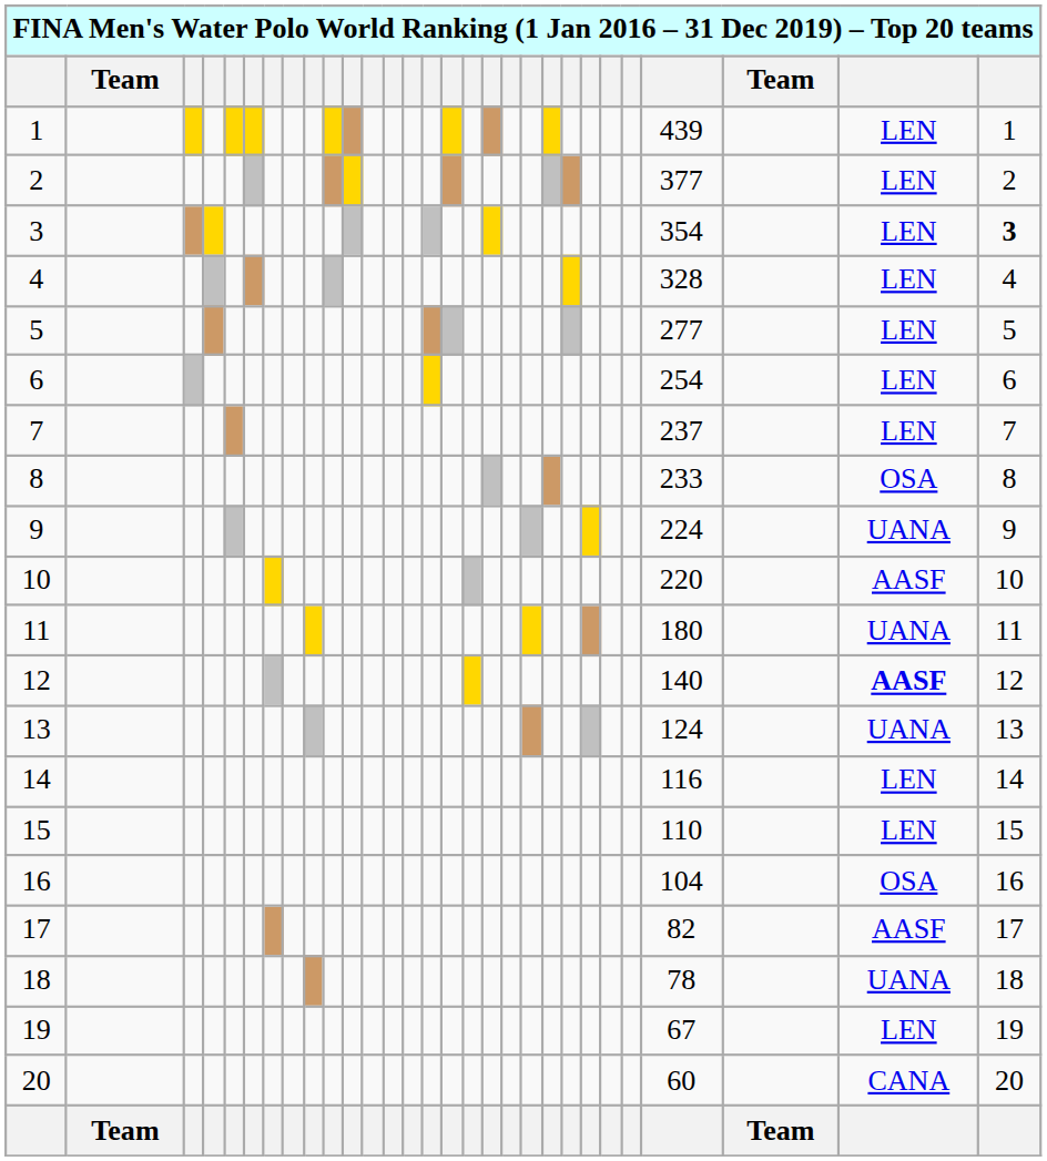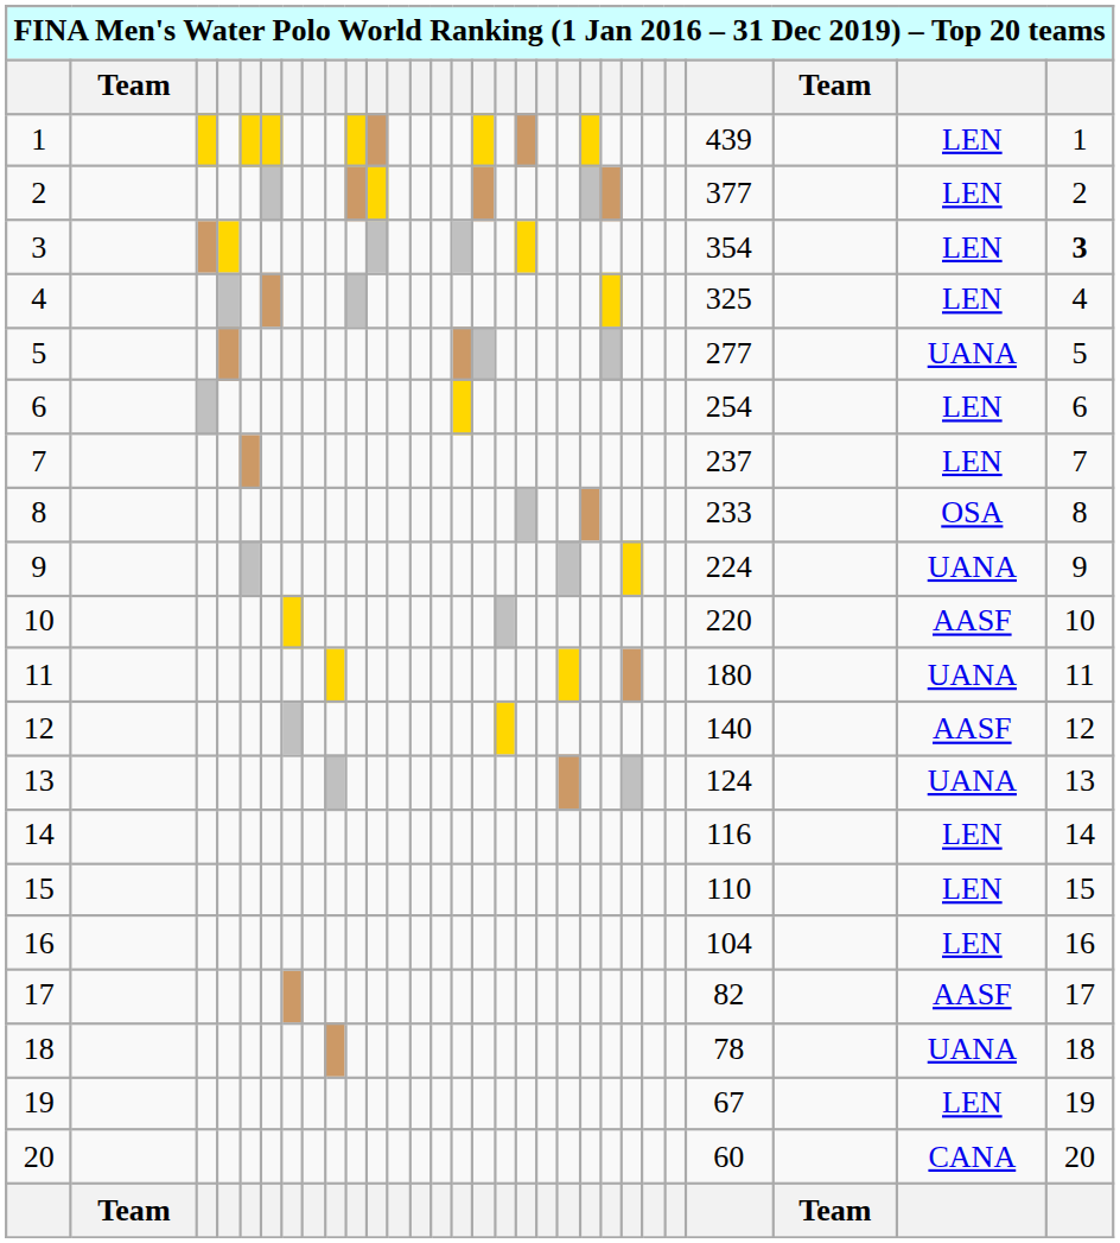 <table class="wikitable" style="text-align: center; font-size: 75%; margin-left: 1em;">
 <tr>
 <th colspan="29" style="background-color: #ccffff;">FINA Men's Water Polo World Ranking (1 Jan 2016 – 31 Dec 2019) – Top 20 teams</th>
 </tr>
 <tr>
 <th></th>
 <th>Team</th>
 <th><a href='#'></a></th>
 <th><a href='#'></a></th>
 <th><a href='#'></a></th>
 <th><a href='#'></a></th>
 <th><a href='#'></a></th>
 <th></th>
 <th><a href='#'></a></th>
 <th><a href='#'></a></th>
 <th><a href='#'></a></th>
 <th><a href='#'></a></th>
 <th><a href='#'></a></th>
 <th></th>
 <th><a href='#'></a></th>
 <th><a href='#'></a></th>
 <th><a href='#'></a></th>
 <th><a href='#'></a></th>
 <th><a href='#'></a></th>
 <th><a href='#'></a></th>
 <th><a href='#'></a></th>
 <th><a href='#'></a></th>
 <th><a href='#'></a></th>
 <th><a href='#'></a></th>
 <th><a href='#'></a></th>
 <th></th>
 <th>Team</th>
 <th></th>
 <th></th>
 </tr>
 <tr>
 <td>1</td>
 <td style="text-align: left;"></td>
 <td style="background-color: gold;"></td>
 <td></td>
 <td style="background-color: gold;"></td>
 <td style="background-color: gold;"></td>
 <td></td>
 <td></td>
 <td></td>
 <td style="background-color: gold;"></td>
 <td style="background-color: #cc9966;"></td>
 <td></td>
 <td></td>
 <td></td>
 <td></td>
 <td style="background-color: gold;"></td>
 <td></td>
 <td style="background-color: #cc9966;"></td>
 <td></td>
 <td></td>
 <td style="background-color: gold;"></td>
 <td></td>
 <td></td>
 <td></td>
 <td></td>
 <td>439</td>
 <td style="text-align: left;"></td>
 <td><a href='#'>LEN</a></td>
 <td>1</td>
 </tr>
 <tr>
 <td>2</td>
 <td style="text-align: left;"></td>
 <td></td>
 <td></td>
 <td></td>
 <td style="background-color: silver;"></td>
 <td></td>
 <td></td>
 <td></td>
 <td style="background-color: #cc9966;"></td>
 <td style="background-color: gold;"></td>
 <td></td>
 <td></td>
 <td></td>
 <td></td>
 <td style="background-color: #cc9966;"></td>
 <td></td>
 <td></td>
 <td></td>
 <td></td>
 <td style="background-color: silver;"></td>
 <td style="background-color: #cc9966;"></td>
 <td></td>
 <td></td>
 <td></td>
 <td>377</td>
 <td style="text-align: left;"></td>
 <td><a href='#'>LEN</a></td>
 <td>2</td>
 </tr>
 <tr>
 <td>3</td>
 <td style="text-align: left;"></td>
 <td style="background-color: #cc9966;"></td>
 <td style="background-color: gold;"></td>
 <td></td>
 <td></td>
 <td></td>
 <td></td>
 <td></td>
 <td></td>
 <td style="background-color: silver;"></td>
 <td></td>
 <td></td>
 <td></td>
 <td style="background-color: silver;"></td>
 <td></td>
 <td></td>
 <td style="background-color: gold;"></td>
 <td></td>
 <td></td>
 <td></td>
 <td></td>
 <td></td>
 <td></td>
 <td></td>
 <td>354</td>
 <td style="text-align: left;"></td>
 <td><a href='#'>LEN</a></td>
 <td><strong>3</strong></td>
 </tr>
 <tr>
 <td>4</td>
 <td style="text-align: left;"></td>
 <td></td>
 <td style="background-color: silver;"></td>
 <td></td>
 <td style="background-color: #cc9966;"></td>
 <td></td>
 <td></td>
 <td></td>
 <td style="background-color: silver;"></td>
 <td></td>
 <td></td>
 <td></td>
 <td></td>
 <td></td>
 <td></td>
 <td></td>
 <td></td>
 <td></td>
 <td></td>
 <td></td>
 <td style="background-color: gold;"></td>
 <td></td>
 <td></td>
 <td></td>
-<td>328</td>
+<td>325</td>
 <td style="text-align: left;"></td>
 <td><a href='#'>LEN</a></td>
 <td>4</td>
 </tr>
 <tr>
 <td>5</td>
 <td style="text-align: left;"></td>
 <td></td>
 <td style="background-color: #cc9966;"></td>
 <td></td>
 <td></td>
 <td></td>
 <td></td>
 <td></td>
 <td></td>
 <td></td>
 <td></td>
 <td></td>
 <td></td>
 <td style="background-color: #cc9966;"></td>
 <td style="background-color: silver;"></td>
 <td></td>
 <td></td>
 <td></td>
 <td></td>
 <td></td>
 <td style="background-color: silver;"></td>
 <td></td>
 <td></td>
 <td></td>
 <td>277</td>
 <td style="text-align: left;"></td>
-<td><a href='#'>LEN</a></td>
+<td><a href='#'>UANA</a></td>
 <td>5</td>
 </tr>
 <tr>
 <td>6</td>
 <td style="text-align: left;"></td>
 <td style="background-color: silver;"></td>
 <td></td>
 <td></td>
 <td></td>
 <td></td>
 <td></td>
 <td></td>
 <td></td>
 <td></td>
 <td></td>
 <td></td>
 <td></td>
 <td style="background-color: gold;"></td>
 <td></td>
 <td></td>
 <td></td>
 <td></td>
 <td></td>
 <td></td>
 <td></td>
 <td></td>
 <td></td>
 <td></td>
 <td>254</td>
 <td style="text-align: left;"></td>
 <td><a href='#'>LEN</a></td>
 <td>6</td>
 </tr>
 <tr>
 <td>7</td>
 <td style="text-align: left;"></td>
 <td></td>
 <td></td>
 <td style="background-color: #cc9966;"></td>
 <td></td>
 <td></td>
 <td></td>
 <td></td>
 <td></td>
 <td></td>
 <td></td>
 <td></td>
 <td></td>
 <td></td>
 <td></td>
 <td></td>
 <td></td>
 <td></td>
 <td></td>
 <td></td>
 <td></td>
 <td></td>
 <td></td>
 <td></td>
 <td>237</td>
 <td style="text-align: left;"></td>
 <td><a href='#'>LEN</a></td>
 <td>7</td>
 </tr>
 <tr>
 <td>8</td>
 <td style="text-align: left;"></td>
 <td></td>
 <td></td>
 <td></td>
 <td></td>
 <td></td>
 <td></td>
 <td></td>
 <td></td>
 <td></td>
 <td></td>
 <td></td>
 <td></td>
 <td></td>
 <td></td>
 <td></td>
 <td style="background-color: silver;"></td>
 <td></td>
 <td></td>
 <td style="background-color: #cc9966;"></td>
 <td></td>
 <td></td>
 <td></td>
 <td></td>
 <td>233</td>
 <td style="text-align: left;"></td>
 <td><a href='#'>OSA</a></td>
 <td>8</td>
 </tr>
 <tr>
 <td>9</td>
 <td style="text-align: left;"></td>
 <td></td>
 <td></td>
 <td style="background-color: silver;"></td>
 <td></td>
 <td></td>
 <td></td>
 <td></td>
 <td></td>
 <td></td>
 <td></td>
 <td></td>
 <td></td>
 <td></td>
 <td></td>
 <td></td>
 <td></td>
 <td></td>
 <td style="background-color: silver;"></td>
 <td></td>
 <td></td>
 <td style="background-color: gold;"></td>
 <td></td>
 <td></td>
 <td>224</td>
 <td style="text-align: left;"></td>
 <td><a href='#'>UANA</a></td>
 <td>9</td>
 </tr>
 <tr>
 <td>10</td>
 <td style="text-align: left;"></td>
 <td></td>
 <td></td>
 <td></td>
 <td></td>
 <td style="background-color: gold;"></td>
 <td></td>
 <td></td>
 <td></td>
 <td></td>
 <td></td>
 <td></td>
 <td></td>
 <td></td>
 <td></td>
 <td style="background-color: silver;"></td>
 <td></td>
 <td></td>
 <td></td>
 <td></td>
 <td></td>
 <td></td>
 <td></td>
 <td></td>
 <td>220</td>
 <td style="text-align: left;"></td>
 <td><a href='#'>AASF</a></td>
 <td>10</td>
 </tr>
 <tr>
 <td>11</td>
 <td style="text-align: left;"></td>
 <td></td>
 <td></td>
 <td></td>
 <td></td>
 <td></td>
 <td></td>
 <td style="background-color: gold;"></td>
 <td></td>
 <td></td>
 <td></td>
 <td></td>
 <td></td>
 <td></td>
 <td></td>
 <td></td>
 <td></td>
 <td></td>
 <td style="background-color: gold;"></td>
 <td></td>
 <td></td>
 <td style="background-color: #cc9966;"></td>
 <td></td>
 <td></td>
 <td>180</td>
 <td style="text-align: left;"></td>
 <td><a href='#'>UANA</a></td>
 <td>11</td>
 </tr>
 <tr>
 <td>12</td>
 <td style="text-align: left;"></td>
 <td></td>
 <td></td>
 <td></td>
 <td></td>
 <td style="background-color: silver;"></td>
 <td></td>
 <td></td>
 <td></td>
 <td></td>
 <td></td>
 <td></td>
 <td></td>
 <td></td>
 <td></td>
 <td style="background-color: gold;"></td>
 <td></td>
 <td></td>
 <td></td>
 <td></td>
 <td></td>
 <td></td>
 <td></td>
 <td></td>
 <td>140</td>
 <td style="text-align: left;"></td>
-<td><strong><a href='#'>AASF</a></strong></td>
+<td><a href='#'>AASF</a></td>
 <td>12</td>
 </tr>
 <tr>
 <td>13</td>
 <td style="text-align: left;"></td>
 <td></td>
 <td></td>
 <td></td>
 <td></td>
 <td></td>
 <td></td>
 <td style="background-color: silver;"></td>
 <td></td>
 <td></td>
 <td></td>
 <td></td>
 <td></td>
 <td></td>
 <td></td>
 <td></td>
 <td></td>
 <td></td>
 <td style="background-color: #cc9966;"></td>
 <td></td>
 <td></td>
 <td style="background-color: silver;"></td>
 <td></td>
 <td></td>
 <td>124</td>
 <td style="text-align: left;"></td>
 <td><a href='#'>UANA</a></td>
 <td>13</td>
 </tr>
 <tr>
 <td>14</td>
 <td style="text-align: left;"></td>
 <td></td>
 <td></td>
 <td></td>
 <td></td>
 <td></td>
 <td></td>
 <td></td>
 <td></td>
 <td></td>
 <td></td>
 <td></td>
 <td></td>
 <td></td>
 <td></td>
 <td></td>
 <td></td>
 <td></td>
 <td></td>
 <td></td>
 <td></td>
 <td></td>
 <td></td>
 <td></td>
 <td>116</td>
 <td style="text-align: left;"></td>
 <td><a href='#'>LEN</a></td>
 <td>14</td>
 </tr>
 <tr>
 <td>15</td>
 <td style="text-align: left;"></td>
 <td></td>
 <td></td>
 <td></td>
 <td></td>
 <td></td>
 <td></td>
 <td></td>
 <td></td>
 <td></td>
 <td></td>
 <td></td>
 <td></td>
 <td></td>
 <td></td>
 <td></td>
 <td></td>
 <td></td>
 <td></td>
 <td></td>
 <td></td>
 <td></td>
 <td></td>
 <td></td>
 <td>110</td>
 <td style="text-align: left;"></td>
 <td><a href='#'>LEN</a></td>
 <td>15</td>
 </tr>
 <tr>
 <td>16</td>
 <td style="text-align: left;"></td>
 <td></td>
 <td></td>
 <td></td>
 <td></td>
 <td></td>
 <td></td>
 <td></td>
 <td></td>
 <td></td>
 <td></td>
 <td></td>
 <td></td>
 <td></td>
 <td></td>
 <td></td>
 <td></td>
 <td></td>
 <td></td>
 <td></td>
 <td></td>
 <td></td>
 <td></td>
 <td></td>
 <td>104</td>
 <td style="text-align: left;"></td>
-<td><a href='#'>OSA</a></td>
+<td><a href='#'>LEN</a></td>
 <td>16</td>
 </tr>
 <tr>
 <td>17</td>
 <td style="text-align: left;"></td>
 <td></td>
 <td></td>
 <td></td>
 <td></td>
 <td style="background-color: #cc9966;"></td>
 <td></td>
 <td></td>
 <td></td>
 <td></td>
 <td></td>
 <td></td>
 <td></td>
 <td></td>
 <td></td>
 <td></td>
 <td></td>
 <td></td>
 <td></td>
 <td></td>
 <td></td>
 <td></td>
 <td></td>
 <td></td>
 <td>82</td>
 <td style="text-align: left;"></td>
 <td><a href='#'>AASF</a></td>
 <td>17</td>
 </tr>
 <tr>
 <td>18</td>
 <td style="text-align: left;"></td>
 <td></td>
 <td></td>
 <td></td>
 <td></td>
 <td></td>
 <td></td>
 <td style="background-color: #cc9966;"></td>
 <td></td>
 <td></td>
 <td></td>
 <td></td>
 <td></td>
 <td></td>
 <td></td>
 <td></td>
 <td></td>
 <td></td>
 <td></td>
 <td></td>
 <td></td>
 <td></td>
 <td></td>
 <td></td>
 <td>78</td>
 <td style="text-align: left;"></td>
 <td><a href='#'>UANA</a></td>
 <td>18</td>
 </tr>
 <tr>
 <td>19</td>
 <td style="text-align: left;"></td>
 <td></td>
 <td></td>
 <td></td>
 <td></td>
 <td></td>
 <td></td>
 <td></td>
 <td></td>
 <td></td>
 <td></td>
 <td></td>
 <td></td>
 <td></td>
 <td></td>
 <td></td>
 <td></td>
 <td></td>
 <td></td>
 <td></td>
 <td></td>
 <td></td>
 <td></td>
 <td></td>
 <td>67</td>
 <td style="text-align: left;"></td>
 <td><a href='#'>LEN</a></td>
 <td>19</td>
 </tr>
 <tr>
 <td>20</td>
 <td style="text-align: left;"></td>
 <td></td>
 <td></td>
 <td></td>
 <td></td>
 <td></td>
 <td></td>
 <td></td>
 <td></td>
 <td></td>
 <td></td>
 <td></td>
 <td></td>
 <td></td>
 <td></td>
 <td></td>
 <td></td>
 <td></td>
 <td></td>
 <td></td>
 <td></td>
 <td></td>
 <td></td>
 <td></td>
 <td>60</td>
 <td style="text-align: left;"></td>
 <td><a href='#'>CANA</a></td>
 <td>20</td>
 </tr>
 <tr>
 <th></th>
 <th>Team</th>
 <th><a href='#'></a></th>
 <th><a href='#'></a></th>
 <th><a href='#'></a></th>
 <th><a href='#'></a></th>
 <th><a href='#'></a></th>
 <th></th>
 <th><a href='#'></a></th>
 <th><a href='#'></a></th>
 <th><a href='#'></a></th>
 <th><a href='#'></a></th>
 <th><a href='#'></a></th>
 <th></th>
 <th><a href='#'></a></th>
 <th><a href='#'></a></th>
 <th><a href='#'></a></th>
 <th><a href='#'></a></th>
 <th><a href='#'></a></th>
 <th><a href='#'></a></th>
 <th><a href='#'></a></th>
 <th><a href='#'></a></th>
 <th><a href='#'></a></th>
 <th><a href='#'></a></th>
 <th><a href='#'></a></th>
 <th></th>
 <th>Team</th>
 <th></th>
 <th></th>
 </tr>
 </table>
